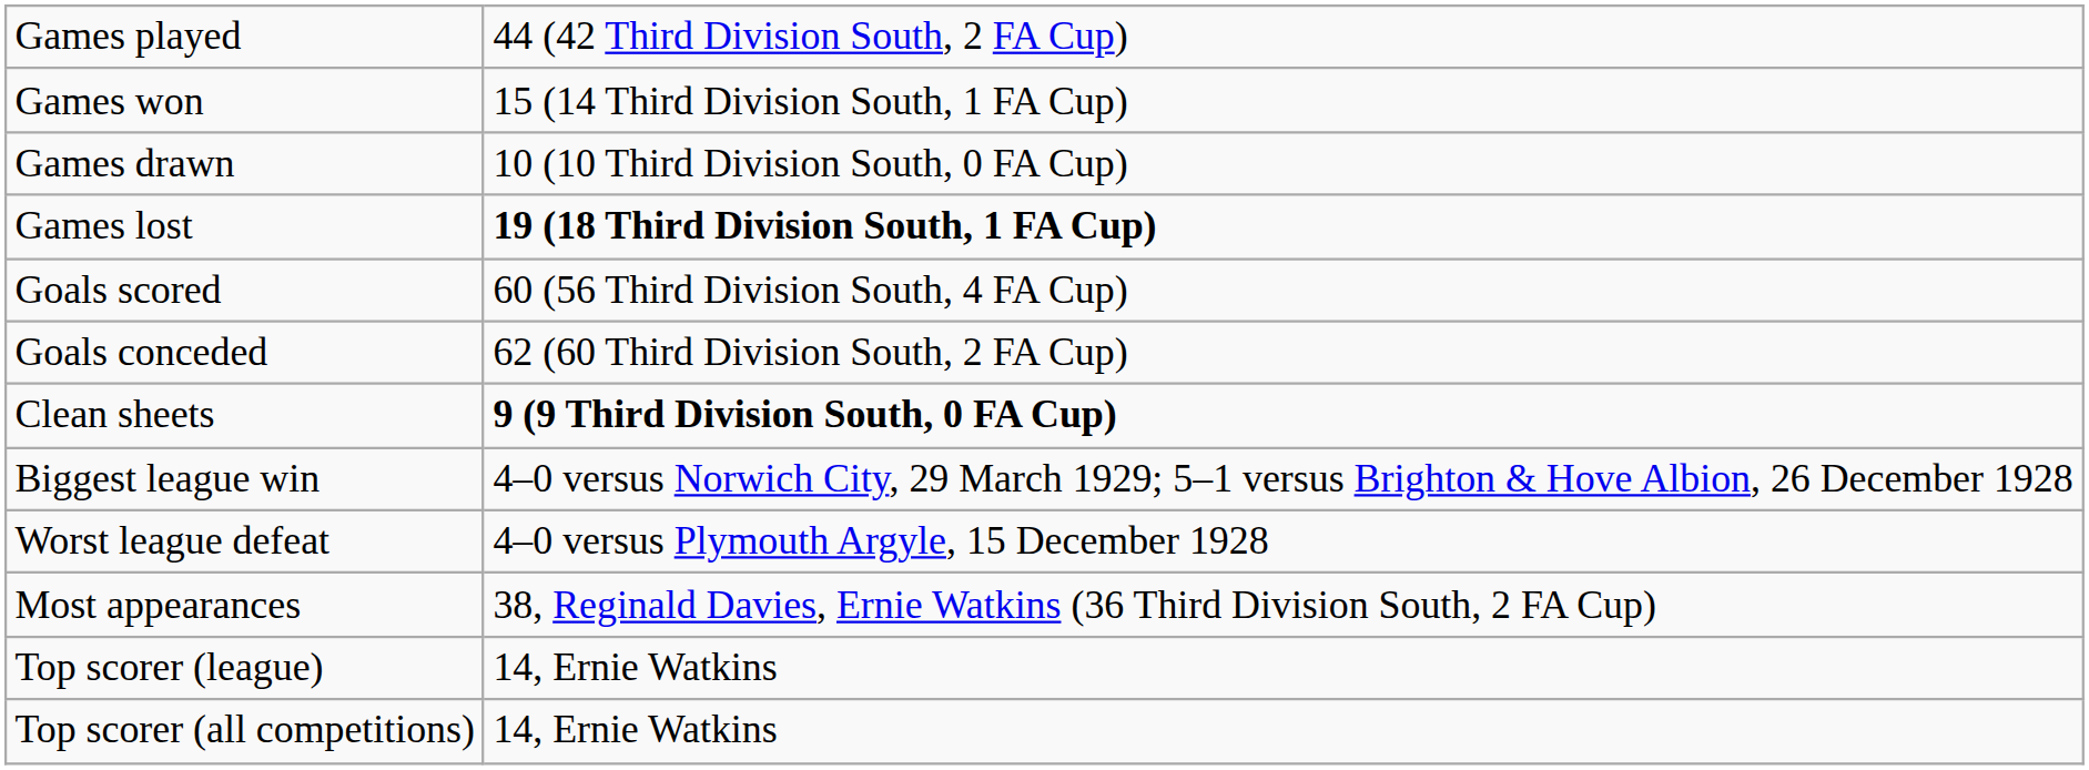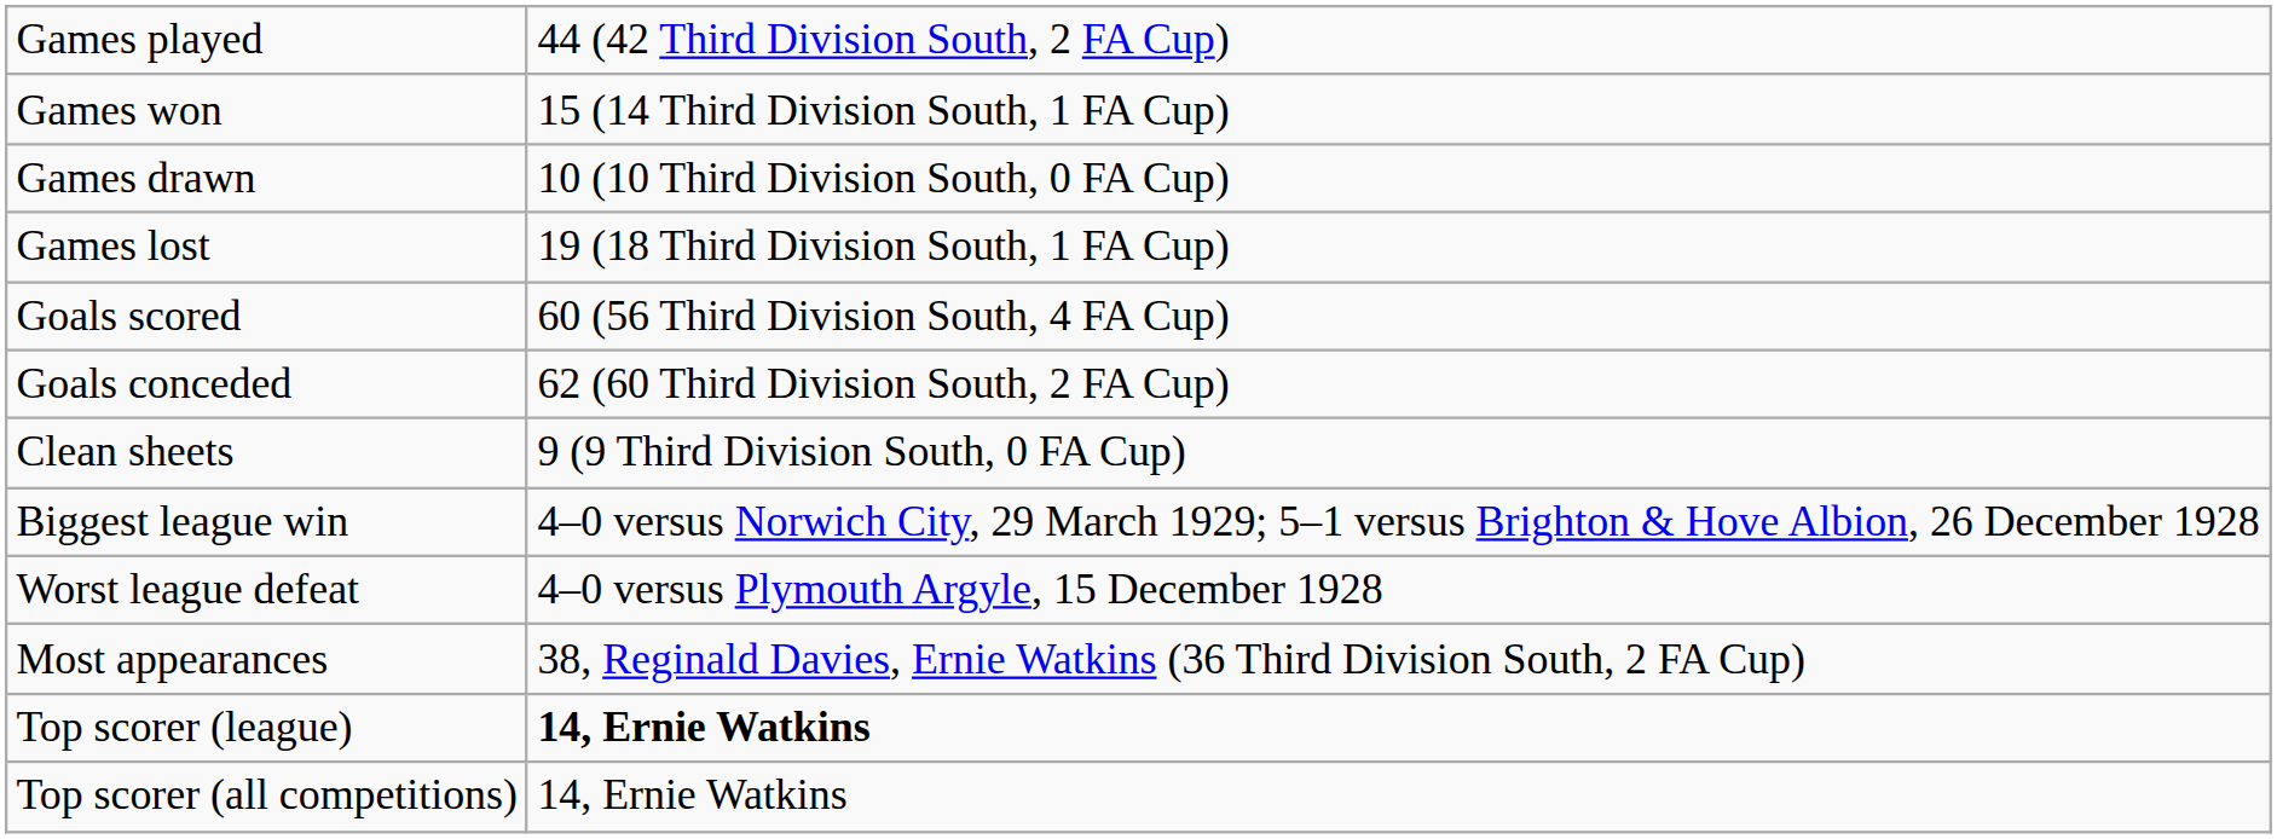 <table class="wikitable">
 <tr>
 <td>Games played</td>
 <td>44 (42 <a href='#'>Third Division South</a>, 2 <a href='#'>FA Cup</a>)</td>
 </tr>
 <tr>
 <td>Games won</td>
 <td>15 (14 Third Division South, 1 FA Cup)</td>
 </tr>
 <tr>
 <td>Games drawn</td>
 <td>10 (10 Third Division South, 0 FA Cup)</td>
 </tr>
 <tr>
 <td>Games lost</td>
-<td><strong>19 (18 Third Division South, 1 FA Cup)</strong></td>
+<td>19 (18 Third Division South, 1 FA Cup)</td>
 </tr>
 <tr>
 <td>Goals scored</td>
 <td>60 (56 Third Division South, 4 FA Cup)</td>
 </tr>
 <tr>
 <td>Goals conceded</td>
 <td>62 (60 Third Division South, 2 FA Cup)</td>
 </tr>
 <tr>
 <td>Clean sheets</td>
-<td><strong>9 (9 Third Division South, 0 FA Cup)</strong></td>
+<td>9 (9 Third Division South, 0 FA Cup)</td>
 </tr>
 <tr>
 <td>Biggest league win</td>
 <td>4–0 versus <a href='#'>Norwich City</a>, 29 March 1929; 5–1 versus <a href='#'>Brighton & Hove Albion</a>, 26 December 1928</td>
 </tr>
 <tr>
 <td>Worst league defeat</td>
 <td>4–0 versus <a href='#'>Plymouth Argyle</a>, 15 December 1928</td>
 </tr>
 <tr>
 <td>Most appearances</td>
 <td>38, <a href='#'>Reginald Davies</a>, <a href='#'>Ernie Watkins</a> (36 Third Division South, 2 FA Cup)</td>
 </tr>
 <tr>
 <td>Top scorer (league)</td>
-<td>14, Ernie Watkins</td>
+<td><strong>14, Ernie Watkins</strong></td>
 </tr>
 <tr>
 <td>Top scorer (all competitions)</td>
 <td>14, Ernie Watkins</td>
 </tr>
 </table>
